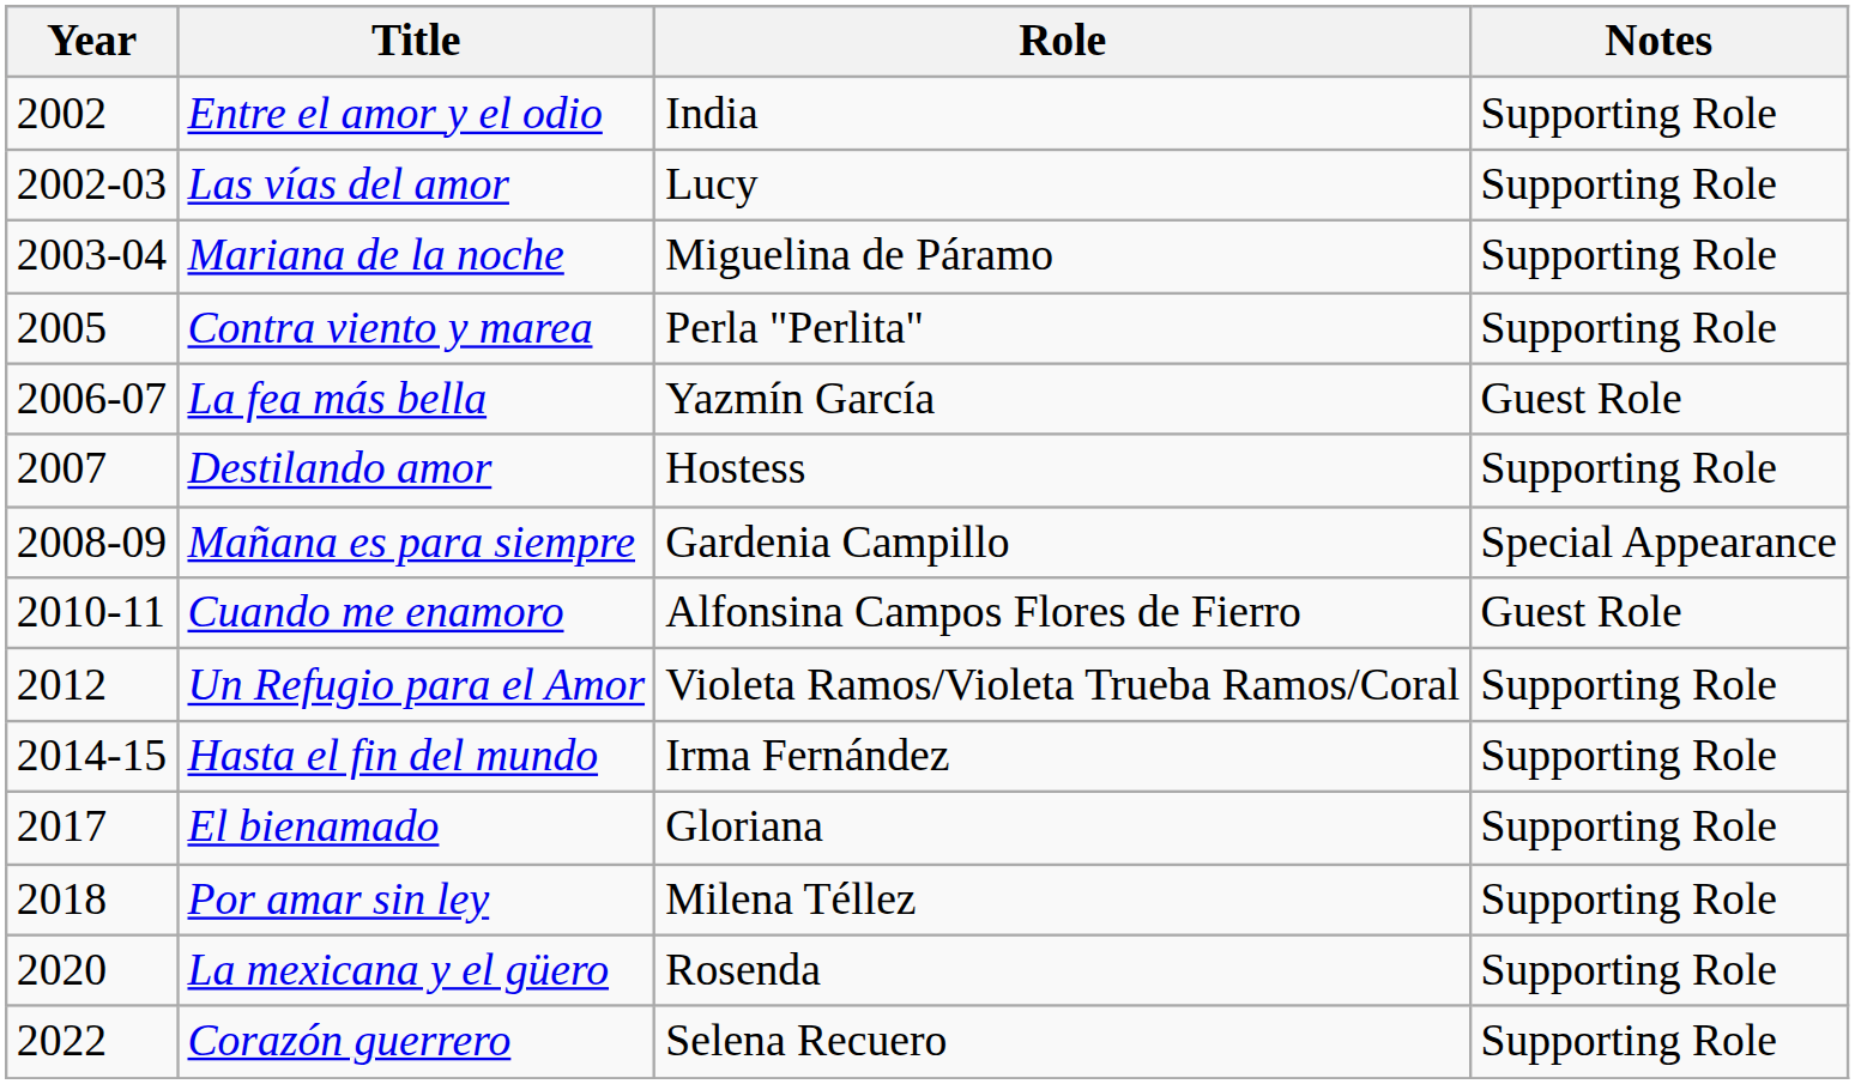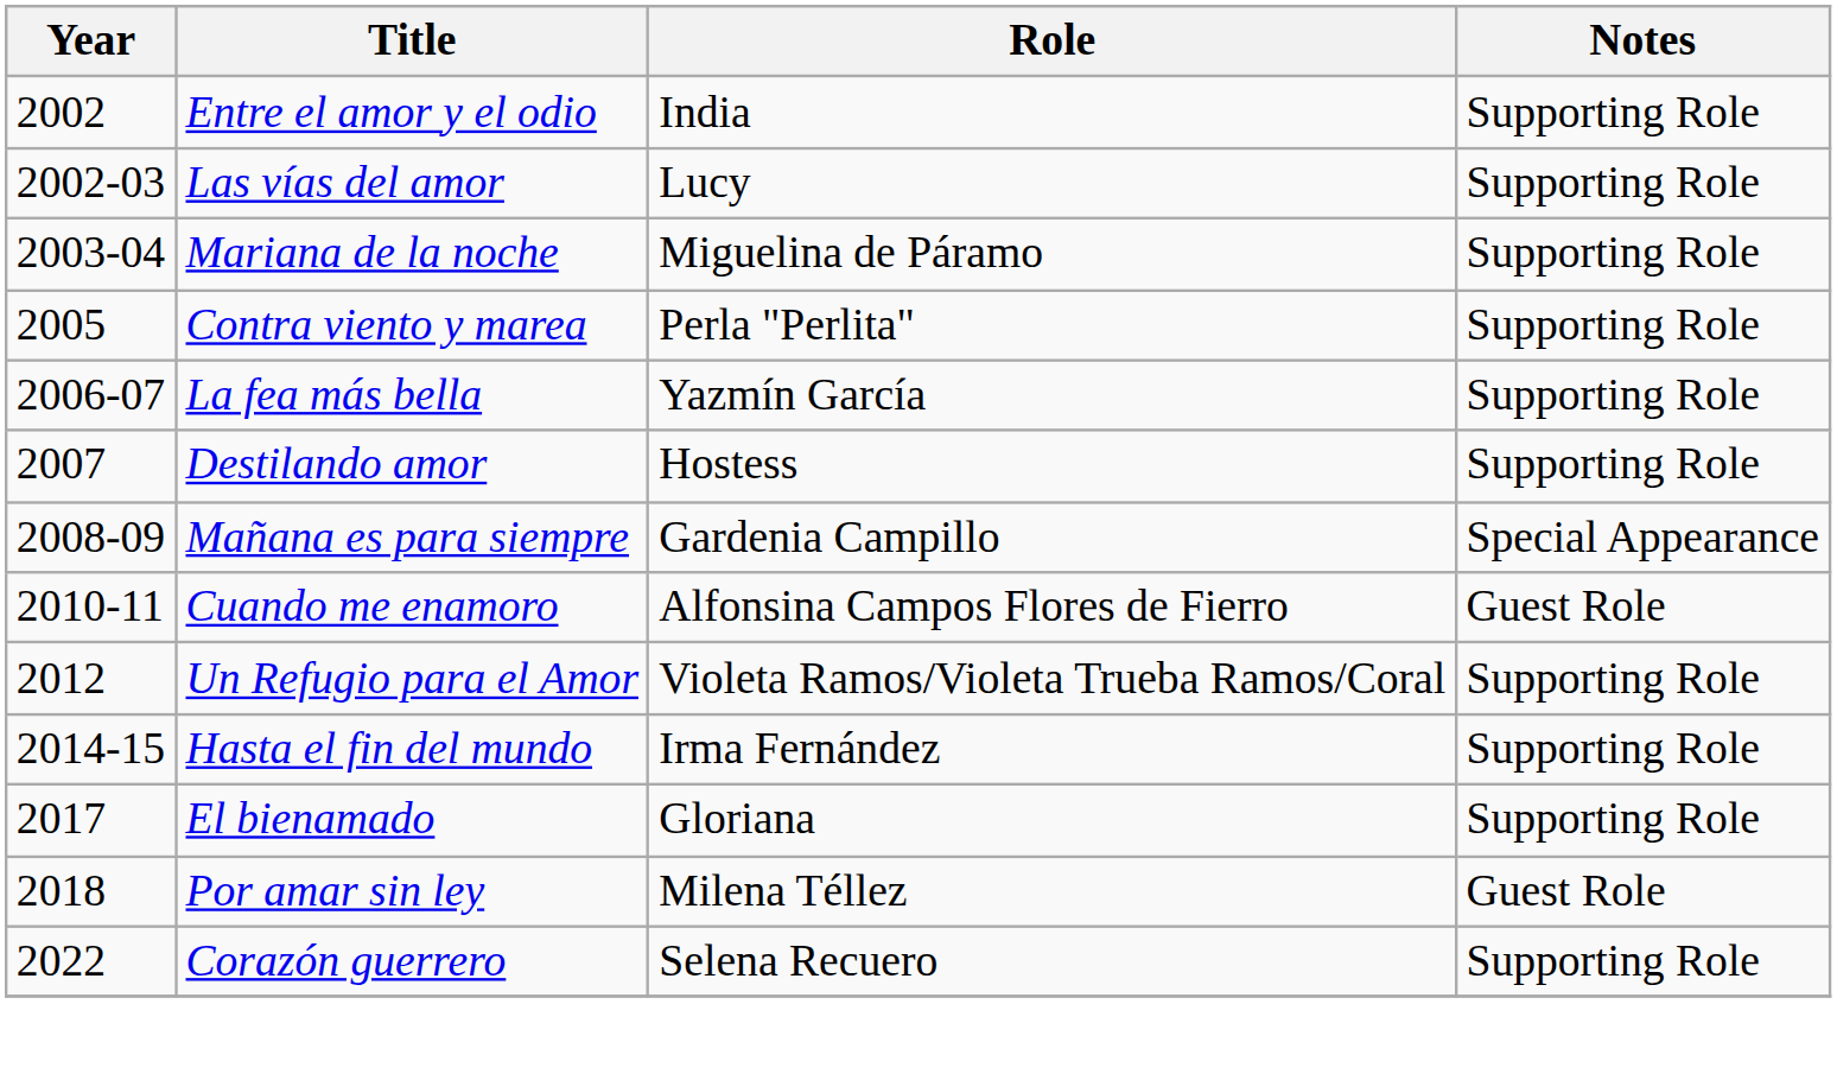 <table class="wikitable">
 <tr style="background:#b0c4de;">
 <th>Year</th>
 <th>Title</th>
 <th>Role</th>
 <th>Notes</th>
 </tr>
 <tr>
 <td>2002</td>
 <td><em><a href='#'>Entre el amor y el odio</a></em></td>
 <td>India</td>
 <td>Supporting Role</td>
 </tr>
 <tr>
 <td>2002-03</td>
 <td><em><a href='#'>Las vías del amor</a></em></td>
 <td>Lucy</td>
 <td>Supporting Role</td>
 </tr>
 <tr>
 <td>2003-04</td>
 <td><em><a href='#'>Mariana de la noche</a></em></td>
 <td>Miguelina de Páramo</td>
 <td>Supporting Role</td>
 </tr>
 <tr>
 <td>2005</td>
 <td><em><a href='#'>Contra viento y marea</a></em></td>
 <td>Perla "Perlita"</td>
 <td>Supporting Role</td>
 </tr>
 <tr>
 <td>2006-07</td>
 <td><em><a href='#'>La fea más bella</a></em></td>
 <td>Yazmín García</td>
-<td>Guest Role</td>
+<td>Supporting Role</td>
 </tr>
 <tr>
 <td>2007</td>
 <td><em><a href='#'>Destilando amor</a> </em></td>
 <td>Hostess</td>
 <td>Supporting Role</td>
 </tr>
 <tr>
 <td>2008-09</td>
 <td><em><a href='#'>Mañana es para siempre</a></em></td>
 <td>Gardenia Campillo</td>
 <td>Special Appearance</td>
 </tr>
 <tr>
 <td>2010-11</td>
 <td><em><a href='#'>Cuando me enamoro</a></em></td>
 <td>Alfonsina Campos Flores de Fierro</td>
 <td>Guest Role</td>
 </tr>
 <tr>
 <td>2012</td>
 <td><em><a href='#'>Un Refugio para el Amor</a></em></td>
 <td>Violeta Ramos/Violeta Trueba Ramos/Coral</td>
 <td>Supporting Role</td>
 </tr>
 <tr>
 <td>2014-15</td>
 <td><em><a href='#'>Hasta el fin del mundo</a></em></td>
 <td>Irma Fernández</td>
 <td>Supporting Role</td>
 </tr>
 <tr>
 <td>2017</td>
 <td><em><a href='#'>El bienamado</a></em></td>
 <td>Gloriana</td>
 <td>Supporting Role</td>
 </tr>
 <tr>
 <td>2018</td>
 <td><em><a href='#'>Por amar sin ley</a></em></td>
 <td>Milena Téllez</td>
-<td>Supporting Role</td>
-</tr>
-<tr>
-<td>2020</td>
-<td><em><a href='#'>La mexicana y el güero</a></em></td>
-<td>Rosenda</td>
-<td>Supporting Role</td>
+<td>Guest Role</td>
 </tr>
 <tr>
 <td>2022</td>
 <td><em><a href='#'>Corazón guerrero</a></em></td>
 <td>Selena Recuero</td>
 <td>Supporting Role</td>
 </tr>
 <tr>
 </tr>
 </table>
